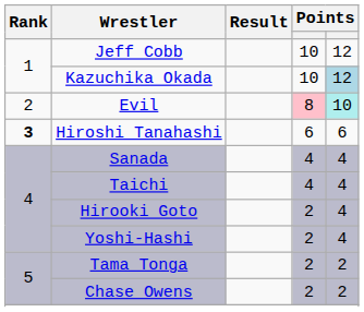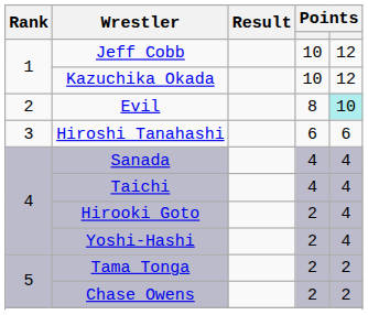 <table class="wikitable mw-collapsible mw-collapsed" plainrowheaders sortable" style="text-align: center">
 <tr>
 <th scope="col" rowspan="2">Rank</th>
 <th scope="col" rowspan="2">Wrestler</th>
 <th scope="col" rowspan="2">Result</th>
 <th scope="col" colspan="2">Points</th>
 </tr>
 <tr>
 <th></th>
 <th></th>
 </tr>
 <tr>
 <td rowspan="2">1</td>
 <td><a href='#'>Jeff Cobb</a></td>
 <td></td>
 <td>10</td>
 <td>12</td>
 </tr>
 <tr>
 <td><a href='#'>Kazuchika Okada</a></td>
 <td></td>
 <td>10</td>
-<td style="background: lightblue;">12</td>
+<td>12</td>
 </tr>
 <tr>
 <td rowspan="1">2</td>
 <td><a href='#'>Evil</a></td>
 <td></td>
-<td style="background: pink;">8</td>
+<td>8</td>
 <td style="background: paleturquoise;">10</td>
 </tr>
 <tr>
-<td rowspan="1"><strong>3</strong></td>
+<td rowspan="1">3</td>
 <td><a href='#'>Hiroshi Tanahashi</a></td>
 <td></td>
 <td>6</td>
 <td>6</td>
 </tr>
 <tr>
 <td rowspan="4"  style="background: #BBBBCC;">4</td>
 <td style="background: #BBBBCC;"><a href='#'>Sanada</a></td>
 <td></td>
 <td style="background: #BBBBCC;">4</td>
 <td style="background: #BBBBCC;">4</td>
 </tr>
 <tr>
 <td style="background: #BBBBCC;"><a href='#'>Taichi</a></td>
 <td></td>
 <td style="background: #BBBBCC;">4</td>
 <td style="background: #BBBBCC;">4</td>
 </tr>
 <tr>
 <td style="background: #BBBBCC;"><a href='#'>Hirooki Goto</a></td>
 <td></td>
 <td style="background: #BBBBCC;">2</td>
 <td style="background: #BBBBCC;">4</td>
 </tr>
 <tr>
 <td style="background: #BBBBCC;"><a href='#'>Yoshi-Hashi</a></td>
 <td></td>
 <td style="background: #BBBBCC;">2</td>
 <td style="background: #BBBBCC;">4</td>
 </tr>
 <tr>
 <td rowspan="2" style="background: #BBBBCC;">5</td>
 <td style="background: #BBBBCC;"><a href='#'>Tama Tonga</a></td>
 <td></td>
 <td style="background: #BBBBCC;">2</td>
 <td style="background: #BBBBCC;">2</td>
 </tr>
 <tr>
 <td style="background: #BBBBCC;"><a href='#'>Chase Owens</a></td>
 <td></td>
 <td style="background: #BBBBCC;">2</td>
 <td style="background: #BBBBCC;">2</td>
 </tr>
 <tr>
 </tr>
 <tr>
 </tr>
 </table>
